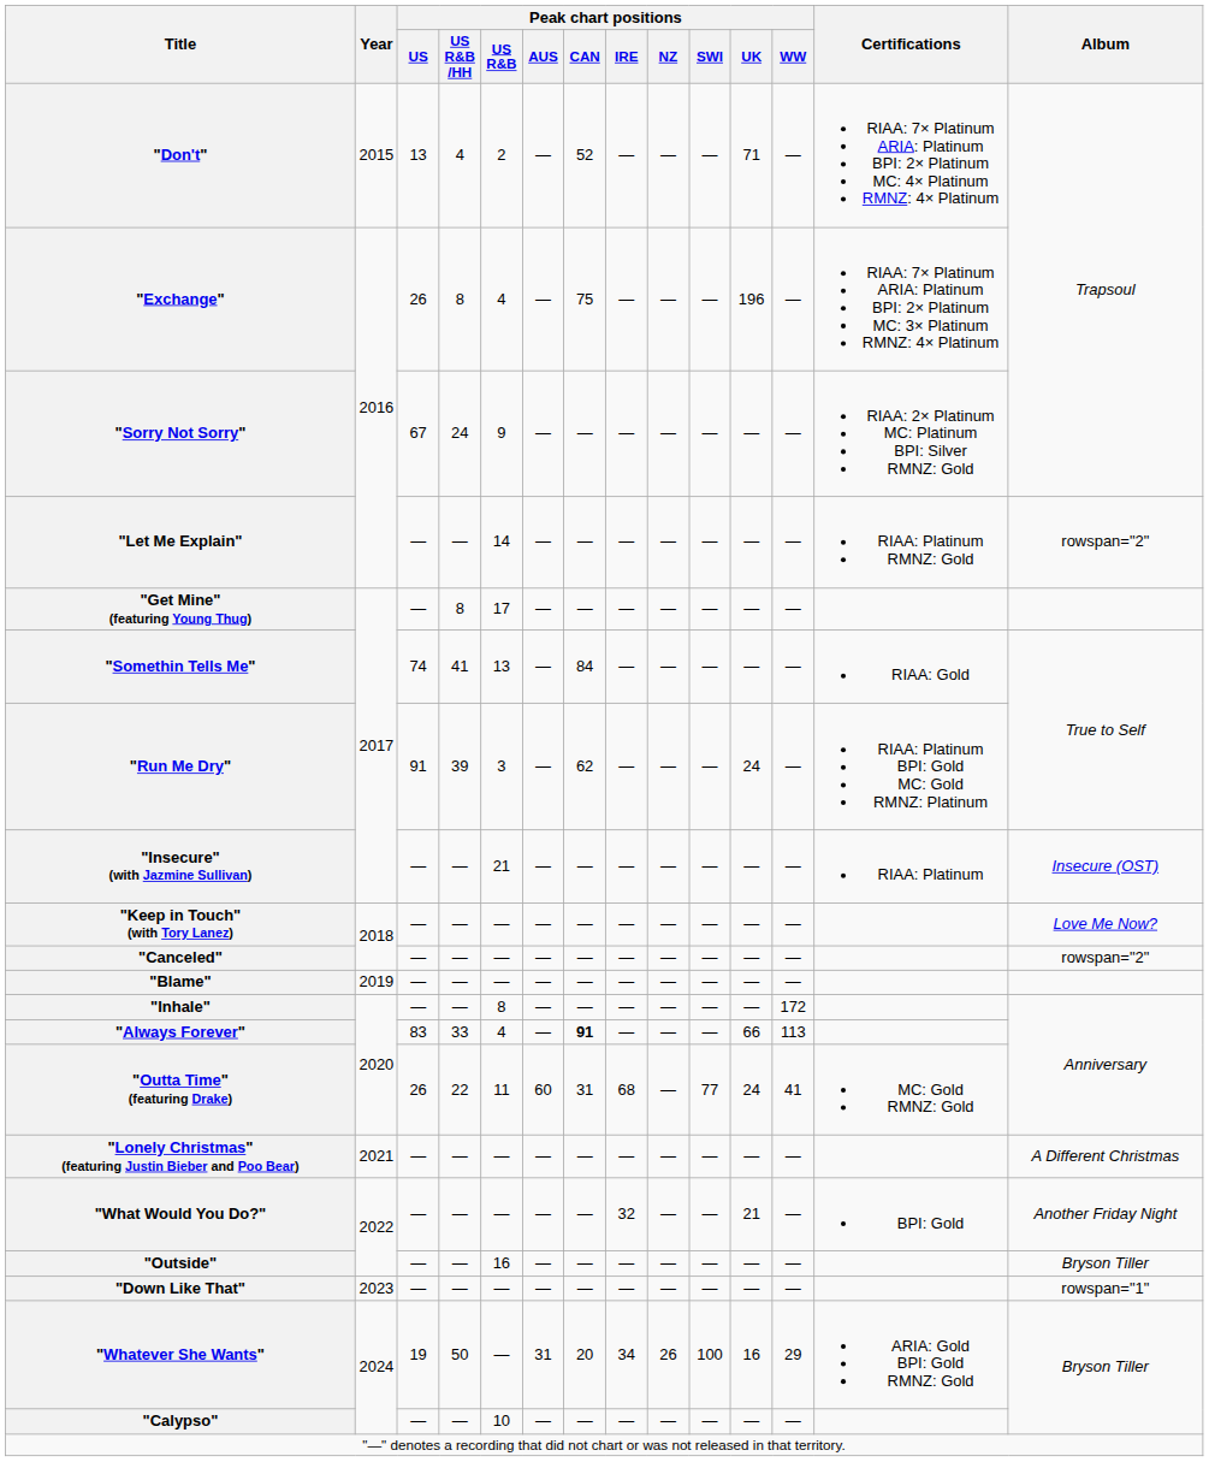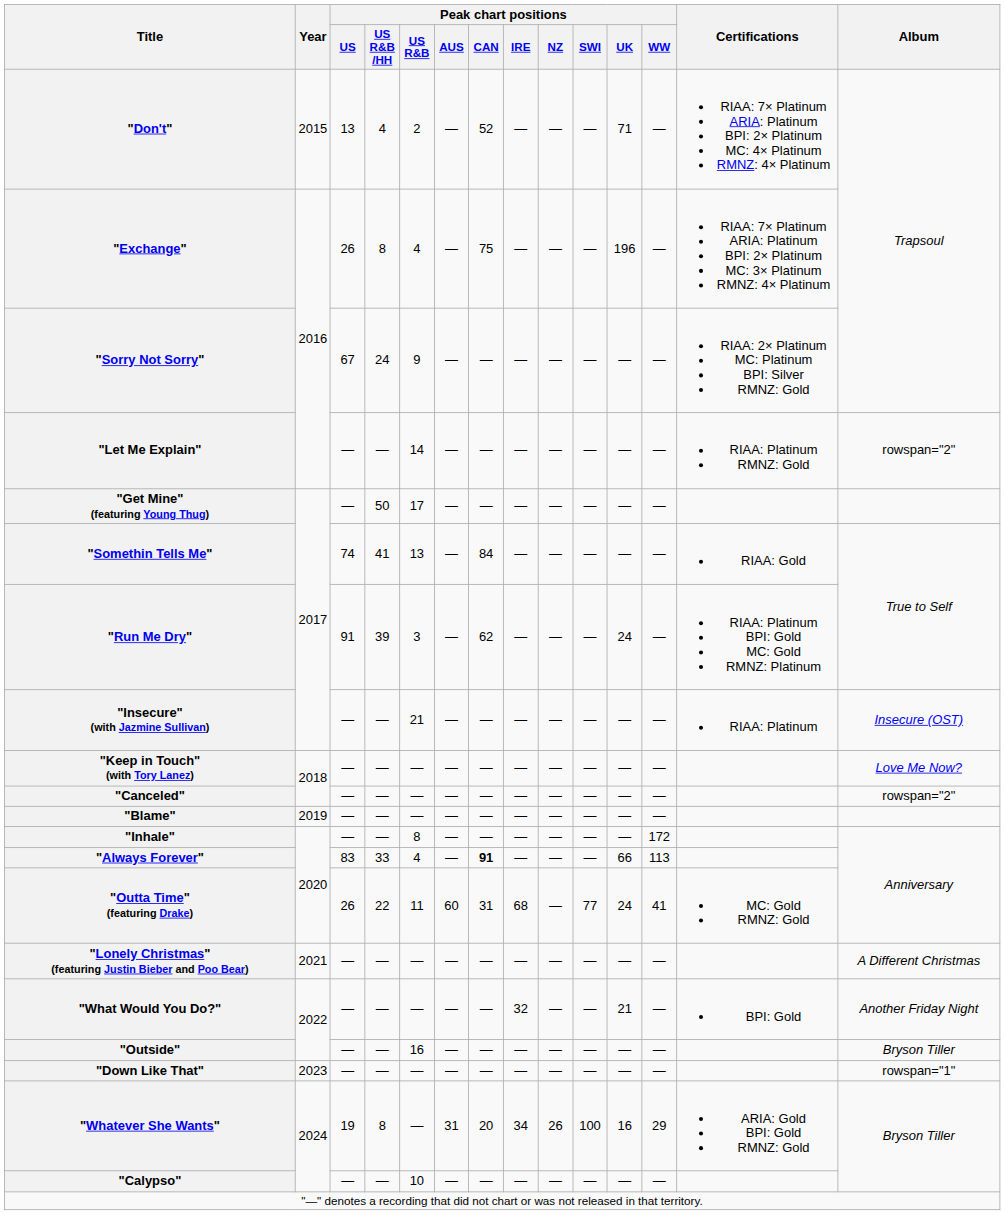 <table class="wikitable plainrowheaders" style="text-align:center;">
 <tr>
 <th scope="col" rowspan="2" style="width:22em;">Title</th>
 <th scope="col" rowspan="2" style="width:1em;">Year</th>
 <th scope="col" colspan="10">Peak chart positions</th>
 <th scope="col" rowspan="2" style="width:12em;">Certifications</th>
 <th scope="col" rowspan="2" style="width:12em;">Album</th>
 </tr>
 <tr>
 <th scope="col" style="width:2.5em;font-size:90%;"><a href='#'>US</a><br></th>
 <th scope="col" style="width:2.5em;font-size:90%;"><a href='#'>US<br>R&B<br>/HH</a><br></th>
 <th scope="col" style="width:2.5em;font-size:90%;"><a href='#'>US<br>R&B</a><br></th>
 <th scope="col" style="width:2.5em;font-size:90%;"><a href='#'>AUS</a><br></th>
 <th scope="col" style="width:2.5em;font-size:90%;"><a href='#'>CAN</a><br></th>
 <th scope="col" style="width:2.5em;font-size:90%;"><a href='#'>IRE</a><br></th>
 <th scope="col" style="width:2.5em;font-size:90%;"><a href='#'>NZ</a><br></th>
 <th scope="col" style="width:2.5em;font-size:90%;"><a href='#'>SWI</a><br></th>
 <th scope="col" style="width:2.5em;font-size:90%;"><a href='#'>UK</a><br></th>
 <th scope="col" style="width:2.5em;font-size:90%;"><a href='#'>WW</a><br></th>
 </tr>
 <tr>
 <th scope="row">"<a href='#'>Don't</a>"</th>
 <td>2015</td>
 <td>13</td>
 <td>4</td>
 <td>2</td>
 <td>—</td>
 <td>52</td>
 <td>—</td>
 <td>—</td>
 <td>—</td>
 <td>71</td>
 <td>—</td>
 <td><br><ul><li>RIAA: 7× Platinum</li><li><a href='#'>ARIA</a>: Platinum</li><li>BPI: 2× Platinum</li><li>MC: 4× Platinum</li><li><a href='#'>RMNZ</a>: 4× Platinum</li></ul></td>
 <td rowspan="3"><em>Trapsoul</em></td>
 </tr>
 <tr>
 <th scope="row">"<a href='#'>Exchange</a>"</th>
 <td rowspan="3">2016</td>
 <td>26</td>
 <td>8</td>
 <td>4</td>
 <td>—</td>
 <td>75</td>
 <td>—</td>
 <td>—</td>
 <td>—</td>
 <td>196</td>
 <td>—</td>
 <td><br><ul><li>RIAA: 7× Platinum</li><li>ARIA: Platinum</li><li>BPI: 2× Platinum</li><li>MC: 3× Platinum</li><li>RMNZ: 4× Platinum</li></ul></td>
 </tr>
 <tr>
 <th scope="row">"<a href='#'>Sorry Not Sorry</a>"</th>
 <td>67</td>
 <td>24</td>
 <td>9</td>
 <td>—</td>
 <td>—</td>
 <td>—</td>
 <td>—</td>
 <td>—</td>
 <td>—</td>
 <td>—</td>
 <td><br><ul><li>RIAA: 2× Platinum</li><li>MC: Platinum</li><li>BPI: Silver</li><li>RMNZ: Gold</li></ul></td>
 </tr>
 <tr>
 <th scope="row">"Let Me Explain"</th>
 <td>—</td>
 <td>—</td>
 <td>14</td>
 <td>—</td>
 <td>—</td>
 <td>—</td>
 <td>—</td>
 <td>—</td>
 <td>—</td>
 <td>—</td>
 <td><br><ul><li>RIAA: Platinum</li><li>RMNZ: Gold</li></ul></td>
 <td>rowspan="2" </td>
 </tr>
 <tr>
 <th scope="row">"Get Mine"<br><small>(featuring <a href='#'>Young Thug</a>)</small></th>
 <td rowspan="4">2017</td>
 <td>—</td>
-<td>8</td>
+<td>50</td>
 <td>17</td>
 <td>—</td>
 <td>—</td>
 <td>—</td>
 <td>—</td>
 <td>—</td>
 <td>—</td>
 <td>—</td>
 <td></td>
 </tr>
 <tr>
 <th scope="row">"<a href='#'>Somethin Tells Me</a>"</th>
 <td>74</td>
 <td>41</td>
 <td>13</td>
 <td>—</td>
 <td>84</td>
 <td>—</td>
 <td>—</td>
 <td>—</td>
 <td>—</td>
 <td>—</td>
 <td><br><ul><li>RIAA: Gold</li></ul></td>
 <td rowspan="2"><em>True to Self</em></td>
 </tr>
 <tr>
 <th scope="row">"<a href='#'>Run Me Dry</a>"</th>
 <td>91</td>
 <td>39</td>
 <td>3</td>
 <td>—</td>
 <td>62</td>
 <td>—</td>
 <td>—</td>
 <td>—</td>
 <td>24</td>
 <td>—</td>
 <td><br><ul><li>RIAA: Platinum</li><li>BPI: Gold</li><li>MC: Gold</li><li>RMNZ: Platinum</li></ul></td>
 </tr>
 <tr>
 <th scope="row">"Insecure"<br><small>(with <a href='#'>Jazmine Sullivan</a>)</small></th>
 <td>—</td>
 <td>—</td>
 <td>21</td>
 <td>—</td>
 <td>—</td>
 <td>—</td>
 <td>—</td>
 <td>—</td>
 <td>—</td>
 <td>—</td>
 <td><br><ul><li>RIAA: Platinum</li></ul></td>
 <td><em><a href='#'>Insecure (OST)</a></em></td>
 </tr>
 <tr>
 <th scope="row">"Keep in Touch"<br><small>(with <a href='#'>Tory Lanez</a>)</small></th>
 <td rowspan="2">2018</td>
 <td>—</td>
 <td>—</td>
 <td>—</td>
 <td>—</td>
 <td>—</td>
 <td>—</td>
 <td>—</td>
 <td>—</td>
 <td>—</td>
 <td>—</td>
 <td></td>
 <td><em><a href='#'>Love Me Now?</a></em></td>
 </tr>
 <tr>
 <th scope="row">"Canceled"</th>
 <td>—</td>
 <td>—</td>
 <td>—</td>
 <td>—</td>
 <td>—</td>
 <td>—</td>
 <td>—</td>
 <td>—</td>
 <td>—</td>
 <td>—</td>
 <td></td>
 <td>rowspan="2" </td>
 </tr>
 <tr>
 <th scope="row">"Blame"</th>
 <td>2019</td>
 <td>—</td>
 <td>—</td>
 <td>—</td>
 <td>—</td>
 <td>—</td>
 <td>—</td>
 <td>—</td>
 <td>—</td>
 <td>—</td>
 <td>—</td>
 <td></td>
 </tr>
 <tr>
 <th scope="row">"Inhale"</th>
 <td rowspan="3">2020</td>
 <td>—</td>
 <td>—</td>
 <td>8</td>
 <td>—</td>
 <td>—</td>
 <td>—</td>
 <td>—</td>
 <td>—</td>
 <td>—</td>
 <td>172</td>
 <td></td>
 <td rowspan="3"><em>Anniversary</em></td>
 </tr>
 <tr>
 <th scope="row">"<a href='#'>Always Forever</a>"</th>
 <td>83</td>
 <td>33</td>
 <td>4</td>
 <td>—</td>
 <td><strong>91</strong></td>
 <td>—</td>
 <td>—</td>
 <td>—</td>
 <td>66</td>
 <td>113</td>
 <td></td>
 </tr>
 <tr>
 <th scope="row">"<a href='#'>Outta Time</a>"<br><small>(featuring <a href='#'>Drake</a>)</small></th>
 <td>26</td>
 <td>22</td>
 <td>11</td>
 <td>60</td>
 <td>31</td>
 <td>68</td>
 <td>—</td>
 <td>77</td>
 <td>24</td>
 <td>41</td>
 <td><br><ul><li>MC: Gold</li><li>RMNZ: Gold</li></ul></td>
 </tr>
 <tr>
 <th scope="row">"<a href='#'>Lonely Christmas</a>"<br><small>(featuring <a href='#'>Justin Bieber</a> and <a href='#'>Poo Bear</a>)</small></th>
 <td>2021</td>
 <td>—</td>
 <td>—</td>
 <td>—</td>
 <td>—</td>
 <td>—</td>
 <td>—</td>
 <td>—</td>
 <td>—</td>
 <td>—</td>
 <td>—</td>
 <td></td>
 <td><em>A Different Christmas</em></td>
 </tr>
 <tr>
 <th scope="row">"What Would You Do?" <br></th>
 <td rowspan="2">2022</td>
 <td>—</td>
 <td>—</td>
 <td>—</td>
 <td>—</td>
 <td>—</td>
 <td>32</td>
 <td>—</td>
 <td>—</td>
 <td>21</td>
 <td>—</td>
 <td><br><ul><li>BPI: Gold</li></ul></td>
 <td><em>Another Friday Night</em></td>
 </tr>
 <tr>
 <th scope="row">"Outside"</th>
 <td>—</td>
 <td>—</td>
 <td>16</td>
 <td>—</td>
 <td>—</td>
 <td>—</td>
 <td>—</td>
 <td>—</td>
 <td>—</td>
 <td>—</td>
 <td></td>
 <td rowspan="1"><em>Bryson Tiller</em></td>
 </tr>
 <tr>
 <th scope="row">"Down Like That"</th>
 <td>2023</td>
 <td>—</td>
 <td>—</td>
 <td>—</td>
 <td>—</td>
 <td>—</td>
 <td>—</td>
 <td>—</td>
 <td>—</td>
 <td>—</td>
 <td>—</td>
 <td></td>
 <td>rowspan="1" </td>
 </tr>
 <tr>
 <th scope="row">"<a href='#'>Whatever She Wants</a>"</th>
 <td rowspan="2">2024</td>
 <td>19</td>
-<td>50</td>
+<td>8</td>
 <td>—</td>
 <td>31</td>
 <td>20</td>
 <td>34</td>
 <td>26</td>
 <td>100</td>
 <td>16</td>
 <td>29</td>
 <td><br><ul><li>ARIA: Gold</li><li>BPI: Gold</li><li>RMNZ: Gold</li></ul></td>
 <td rowspan="2"><em>Bryson Tiller</em></td>
 </tr>
 <tr>
 <th scope="row">"Calypso"</th>
 <td>—</td>
 <td>—</td>
 <td>10</td>
 <td>—</td>
 <td>—</td>
 <td>—</td>
 <td>—</td>
 <td>—</td>
 <td>—</td>
 <td>—</td>
 <td></td>
 </tr>
 <tr>
 <td colspan="16" style="font-size:90%">"—" denotes a recording that did not chart or was not released in that territory.</td>
 </tr>
 </table>
